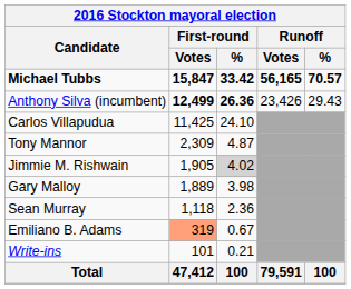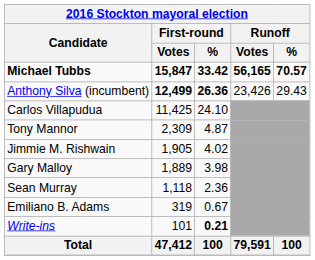 <table class=wikitable>
 <tr>
 <th colspan=5><a href='#'>2016 Stockton mayoral election</a></th>
 </tr>
 <tr>
 <th colspan=1 rowspan=2>Candidate</th>
 <th colspan=2>First-round</th>
 <th colspan=2>Runoff</th>
 </tr>
 <tr>
 <th>Votes</th>
 <th>%</th>
 <th>Votes</th>
 <th>%</th>
 </tr>
 <tr>
 <td><strong>Michael Tubbs</strong></td>
 <td align="right"><strong>15,847</strong></td>
 <td align="right"><strong>33.42</strong></td>
 <td align="right"><strong>56,165</strong></td>
 <td align="right"><strong>70.57</strong></td>
 </tr>
 <tr>
 <td><a href='#'>Anthony Silva</a> (incumbent)</td>
 <td align="right"><strong>12,499</strong></td>
 <td align="right"><strong>26.36</strong></td>
 <td align="right">23,426</td>
 <td align="right">29.43</td>
 </tr>
 <tr>
 <td>Carlos Villapudua</td>
 <td align="right">11,425</td>
 <td align="right">24.10</td>
 <td colspan=2 bgcolor=darkgray></td>
 </tr>
 <tr>
 <td>Tony Mannor</td>
 <td align="right">2,309</td>
 <td align="right">4.87</td>
 <td colspan=2 bgcolor=darkgray></td>
 </tr>
 <tr>
 <td>Jimmie M. Rishwain</td>
 <td align="right">1,905</td>
-<td align="right" style="background: lightgrey;">4.02</td>
+<td align="right">4.02</td>
 <td colspan=2 bgcolor=darkgray></td>
 </tr>
 <tr>
 <td>Gary Malloy</td>
 <td align="right">1,889</td>
 <td align="right">3.98</td>
 <td colspan=2 bgcolor=darkgray></td>
 </tr>
 <tr>
 <td>Sean Murray</td>
 <td align="right">1,118</td>
 <td align="right">2.36</td>
 <td colspan=2 bgcolor=darkgray></td>
 </tr>
 <tr>
 <td>Emiliano B. Adams</td>
-<td align="right" style="background: lightsalmon;">319</td>
+<td align="right">319</td>
 <td align="right">0.67</td>
 <td colspan=2 bgcolor=darkgray></td>
 </tr>
 <tr>
 <td><em><a href='#'>Write-ins</a></em></td>
 <td align="right">101</td>
-<td align="right">0.21</td>
+<td align="right"><strong>0.21</strong></td>
 <td colspan=2 bgcolor=darkgray></td>
 </tr>
 <tr>
 <th>Total</th>
 <th>47,412</th>
 <th>100</th>
 <th>79,591</th>
 <th>100</th>
 </tr>
 <tr>
 </tr>
 </table>
